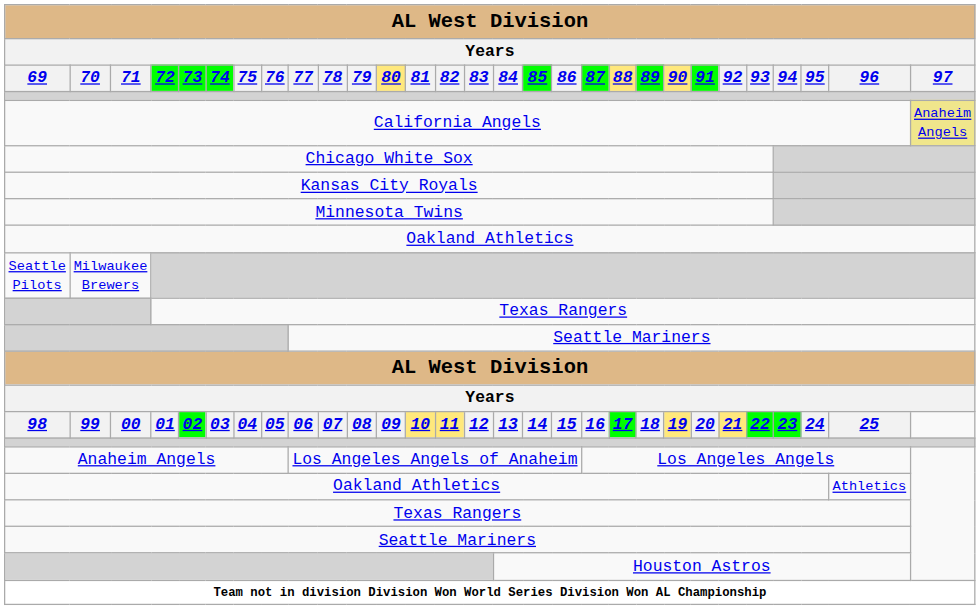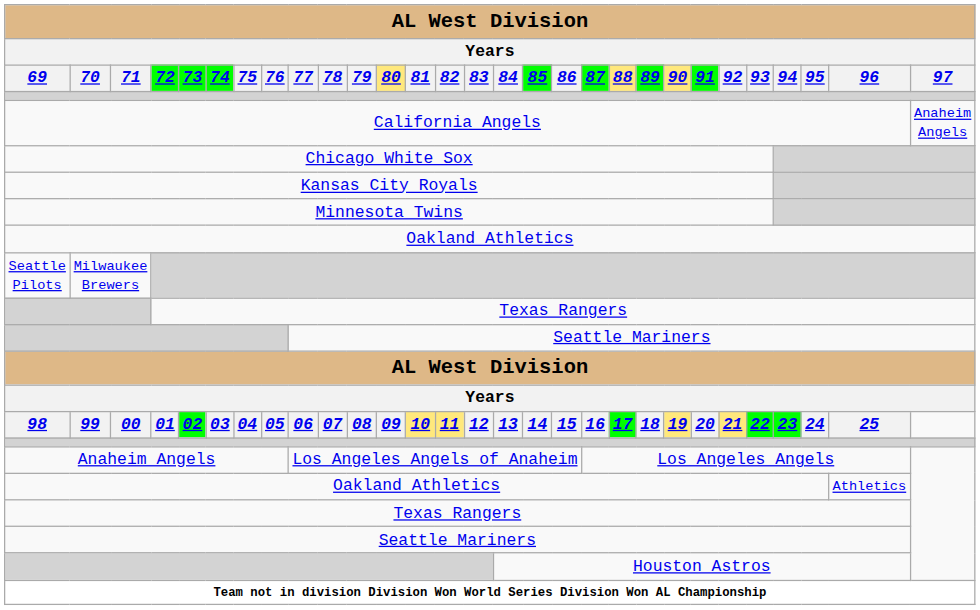 <table class="wikitable" style="text-align:center">
 <tr>
 <th colspan="29" style="text-align:center; font-size:125%; background:#DEB887;">AL West Division</th>
 </tr>
 <tr>
 <th colspan="29" style="text-align:center;"><strong>Years</strong></th>
 </tr>
 <tr>
 <th><em><a href='#'>69</a></em></th>
 <th><em><a href='#'>70</a></em></th>
 <th><em><a href='#'>71</a></em></th>
 <th style="background:#00ff00;"><em><a href='#'>72</a></em></th>
 <th style="background:#00ff00;"><em><a href='#'>73</a></em></th>
 <th style="background:#00ff00;"><em><a href='#'>74</a></em></th>
 <th><em><a href='#'>75</a></em></th>
 <th><em><a href='#'>76</a></em></th>
 <th><em><a href='#'>77</a></em></th>
 <th><em><a href='#'>78</a></em></th>
 <th><em><a href='#'>79</a></em></th>
 <th style="background:#ffe87c;"><em><a href='#'>80</a></em></th>
 <th><em><a href='#'>81</a></em></th>
 <th><em><a href='#'>82</a></em></th>
 <th><em><a href='#'>83</a></em></th>
 <th><em><a href='#'>84</a></em></th>
 <th style="background:#00ff00;"><em><a href='#'>85</a></em></th>
 <th><em><a href='#'>86</a></em></th>
 <th style="background:#00ff00;"><em><a href='#'>87</a></em></th>
 <th style="background:#ffe87c;"><em><a href='#'>88</a></em></th>
 <th style="background:#00ff00;"><em><a href='#'>89</a></em></th>
 <th style="background:#ffe87c;"><em><a href='#'>90</a></em></th>
 <th style="background:#00ff00;"><em><a href='#'>91</a></em></th>
 <th><em><a href='#'>92</a></em></th>
 <th><em><a href='#'>93</a></em></th>
 <th><em><a href='#'>94</a></em></th>
 <th><em><a href='#'>95</a></em></th>
 <th><em><a href='#'>96</a></em></th>
 <th><em><a href='#'>97</a></em></th>
 </tr>
 <tr>
 <td colspan="29" style="background:lightgrey; height:.5px;"></td>
 </tr>
 <tr>
 <td colspan="28"><a href='#'>California Angels</a></td>
-<td style="background: khaki;"><a href='#'><small>Anaheim<br>Angels</small></a></td>
+<td><a href='#'><small>Anaheim<br>Angels</small></a></td>
 </tr>
 <tr>
 <td colspan="25"><a href='#'>Chicago White Sox</a></td>
 <td colspan="4" style="background:lightgrey;"> </td>
 </tr>
 <tr>
 <td colspan="25"><a href='#'>Kansas City Royals</a></td>
 <td colspan="4" style="background:lightgrey;"> </td>
 </tr>
 <tr>
 <td colspan="25"><a href='#'>Minnesota Twins</a></td>
 <td colspan="4" style="background:lightgrey;"> </td>
 </tr>
 <tr>
 <td colspan="29"><a href='#'>Oakland Athletics</a></td>
 </tr>
 <tr>
 <td colspan="1"><small> <a href='#'>Seattle<br>Pilots</a></small></td>
 <td colspan="2"><small> <a href='#'>Milwaukee<br>Brewers</a></small></td>
 <td colspan="26" style="background:lightgrey;"> </td>
 </tr>
 <tr>
 <td colspan="3" style="background:lightgrey;"> </td>
 <td colspan="26"><a href='#'>Texas Rangers</a></td>
 </tr>
 <tr>
 <td colspan="8" style="background:lightgrey;"> </td>
 <td colspan="21"><a href='#'>Seattle Mariners</a></td>
 </tr>
 <tr>
 <th colspan="29" style="text-align:center; font-size:125%; background:#DEB887;">AL West Division</th>
 </tr>
 <tr>
 <th colspan="29" style="text-align:center;"><strong>Years</strong></th>
 </tr>
 <tr>
 <th><em><a href='#'>98</a></em></th>
 <th><em><a href='#'>99</a></em></th>
 <th><em><a href='#'>00</a></em></th>
 <th><em><a href='#'>01</a></em></th>
 <th style="background:#00ff00;"><em><a href='#'>02</a></em></th>
 <th><em><a href='#'>03</a></em></th>
 <th><em><a href='#'>04</a></em></th>
 <th><em><a href='#'>05</a></em></th>
 <th><em><a href='#'>06</a></em></th>
 <th><em><a href='#'>07</a></em></th>
 <th><em><a href='#'>08</a></em></th>
 <th><em><a href='#'>09</a></em></th>
 <th style="background:#ffe87c;"><em><a href='#'>10</a></em></th>
 <th style="background:#ffe87c;"><em><a href='#'>11</a></em></th>
 <th><em><a href='#'>12</a></em></th>
 <th><em><a href='#'>13</a></em></th>
 <th><em><a href='#'>14</a></em></th>
 <th><em><a href='#'>15</a></em></th>
 <th><em><a href='#'>16</a></em></th>
 <th style="background:#00ff00;"><em><a href='#'>17</a></em></th>
 <th><em><a href='#'>18</a></em></th>
 <th style="background:#ffe87c;"><em><a href='#'>19</a></em></th>
 <th><em><a href='#'>20</a></em></th>
 <th style="background:#ffe87c;"><em><a href='#'>21</a></em></th>
 <th style="background:#00ff00;"><em><a href='#'>22</a></em></th>
 <th style="background:#00ff00;"><em><a href='#'>23</a></em></th>
 <th><em><a href='#'>24</a></em></th>
 <th><em><a href='#'>25</a></em></th>
 </tr>
 <tr>
 <td colspan="29" style="background:lightgrey; height:.5px;"></td>
 </tr>
 <tr>
 <td colspan="8"><a href='#'>Anaheim Angels</a></td>
 <td colspan="10"><a href='#'>Los Angeles Angels of Anaheim</a></td>
 <td colspan="10"><a href='#'>Los Angeles Angels</a></td>
 </tr>
 <tr>
 <td colspan="27"><a href='#'>Oakland Athletics</a></td>
 <td colspan="1"><small><a href='#'>Athletics</a></small></td>
 </tr>
 <tr>
 <td colspan="28"><a href='#'>Texas Rangers</a></td>
 </tr>
 <tr>
 <td colspan="28"><a href='#'>Seattle Mariners</a></td>
 </tr>
 <tr>
 <td colspan="15" style="background:lightgrey;"> </td>
 <td colspan="13"><a href='#'>Houston Astros</a></td>
 </tr>
 <tr>
 <td colspan="29" style="background:#fff; height:15px; font-size:75%;"> <strong>Team not in division  Division Won World Series  Division Won AL Championship</strong></td>
 </tr>
 </table>
